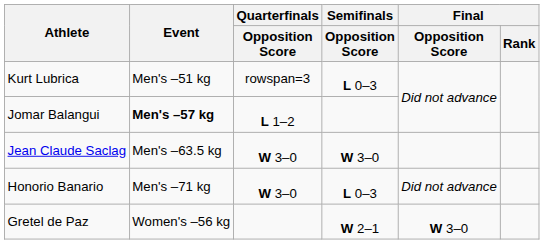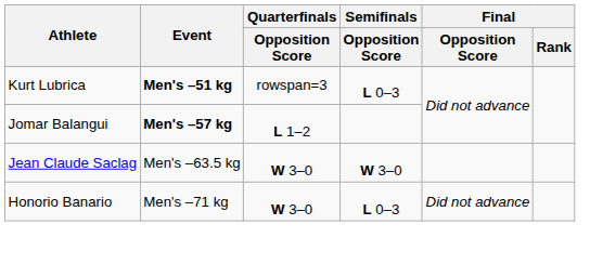 <table class="wikitable" style="font-size:90%">
 <tr>
 <th rowspan=2>Athlete</th>
 <th rowspan=2>Event</th>
 <th>Quarterfinals</th>
 <th>Semifinals</th>
 <th colspan=2>Final</th>
 </tr>
 <tr style="font-size:95">
 <th>Opposition<br>Score</th>
 <th>Opposition<br>Score</th>
 <th>Opposition<br>Score</th>
 <th>Rank</th>
 </tr>
 <tr align=center>
 <td align=left>Kurt Lubrica</td>
-<td align=left>Men's –51 kg</td>
+<td align=left><strong>Men's –51 kg</strong></td>
 <td>rowspan=3 </td>
 <td><br><strong>L</strong> 0–3</td>
 <td rowspan=2><em>Did not advance</em></td>
 <td rowspan=2></td>
 </tr>
 <tr align=center>
 <td align=left>Jomar Balangui</td>
 <td align=left><strong>Men's –57 kg</strong></td>
 <td><br><strong>L</strong> 1–2</td>
 </tr>
 <tr align=center>
 <td align=left><a href='#'>Jean Claude Saclag</a></td>
 <td align=left>Men's –63.5 kg</td>
 <td><br><strong>W</strong> 3–0</td>
 <td><br><strong>W</strong> 3–0</td>
 <td></td>
 </tr>
 <tr align=center>
 <td align=left>Honorio Banario</td>
 <td align=left>Men's –71 kg</td>
 <td><br><strong>W</strong> 3–0</td>
 <td><br><strong>L</strong> 0–3</td>
 <td><em>Did not advance</em></td>
 <td></td>
 </tr>
-<tr align=center>
-<td align=left>Gretel de Paz</td>
-<td align=left>Women's –56 kg</td>
-<td></td>
-<td><br><strong>W</strong> 2–1</td>
-<td><br><strong>W</strong> 3–0</td>
-<td></td>
-</tr>
 </table>
